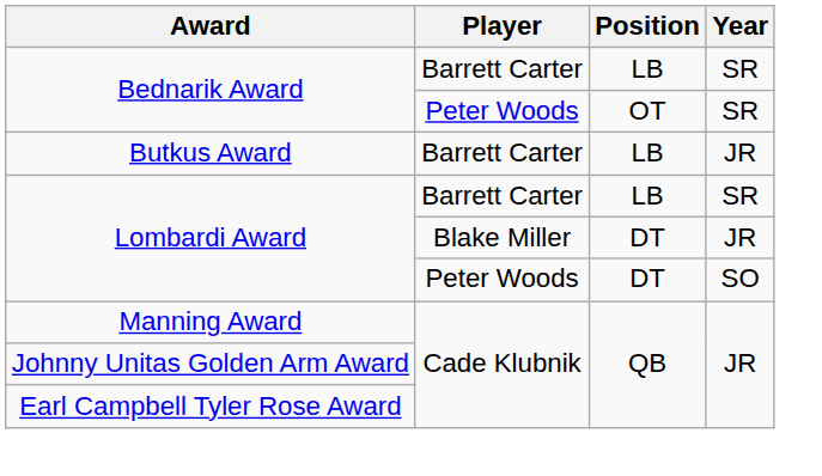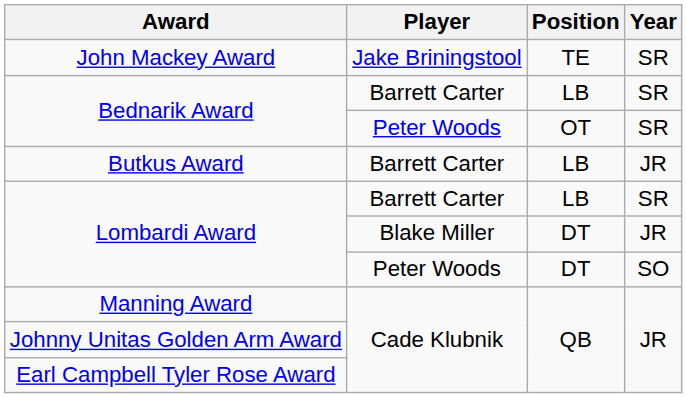 <table class="wikitable" style="text-align:center;">
 <tr>
 <th>Award</th>
 <th>Player</th>
 <th>Position</th>
 <th>Year</th>
+</tr>
+<tr>
+<td><a href='#'>John Mackey Award</a></td>
+<td><a href='#'>Jake Briningstool</a></td>
+<td>TE</td>
+<td>SR</td>
 </tr>
 <tr>
 <td rowspan=2><a href='#'>Bednarik Award</a></td>
 <td>Barrett Carter</td>
 <td>LB</td>
 <td>SR</td>
 </tr>
 <tr>
 <td><a href='#'>Peter Woods</a></td>
 <td>OT</td>
 <td>SR</td>
 </tr>
 <tr>
 <td><a href='#'>Butkus Award</a></td>
 <td>Barrett Carter</td>
 <td>LB</td>
 <td>JR</td>
 </tr>
 <tr>
 <td rowspan=3><a href='#'>Lombardi Award</a></td>
 <td>Barrett Carter</td>
 <td>LB</td>
 <td>SR</td>
 </tr>
 <tr>
 <td>Blake Miller</td>
 <td>DT</td>
 <td>JR</td>
 </tr>
 <tr>
 <td>Peter Woods</td>
 <td>DT</td>
 <td>SO</td>
 </tr>
 <tr>
 <td><a href='#'>Manning Award</a></td>
 <td rowspan=3>Cade Klubnik</td>
 <td rowspan=3>QB</td>
 <td rowspan=3>JR</td>
 </tr>
 <tr>
 <td><a href='#'>Johnny Unitas Golden Arm Award</a></td>
 </tr>
 <tr>
 <td><a href='#'>Earl Campbell Tyler Rose Award</a></td>
 </tr>
 </table>
